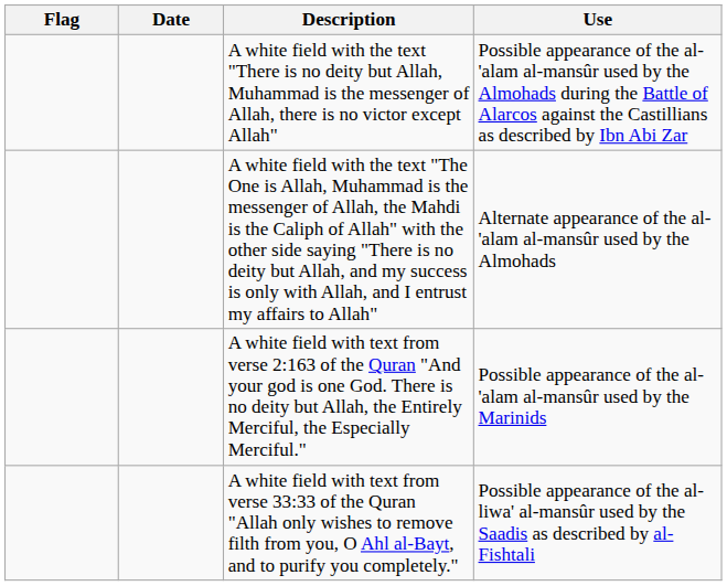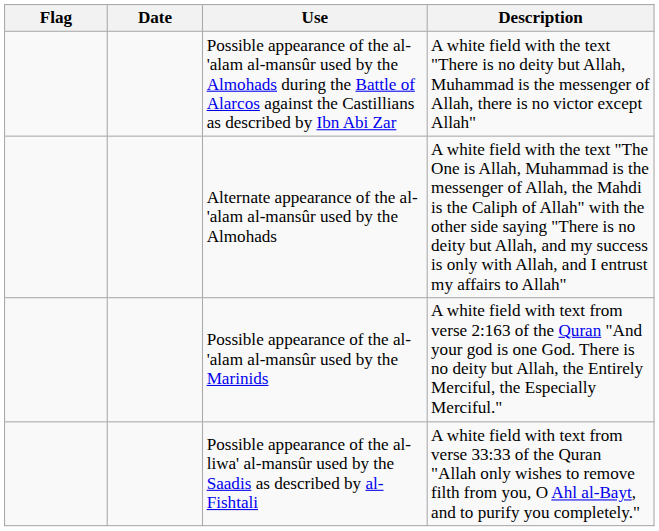 <table class="wikitable">
 <tr>
 <th style="width:110px">Flag</th>
 <th style="width:100px">Date</th>
+<th style="width:250px">Use</th>
 <th style="width:250px">Description</th>
-<th style="width:250px">Use</th>
 </tr>
 <tr>
 <td></td>
 <td></td>
+<td>Possible appearance of the al-'alam al-mansûr used by the <a href='#'>Almohads</a> during the <a href='#'>Battle of Alarcos</a> against the Castillians as described by <a href='#'>Ibn Abi Zar</a></td>
 <td>A white field with the text "There is no deity but Allah, Muhammad is the messenger of Allah, there is no victor except Allah"</td>
-<td>Possible appearance of the al-'alam al-mansûr used by the <a href='#'>Almohads</a> during the <a href='#'>Battle of Alarcos</a> against the Castillians as described by <a href='#'>Ibn Abi Zar</a></td>
 </tr>
 <tr>
 <td></td>
 <td></td>
+<td>Alternate appearance of the al-'alam al-mansûr used by the Almohads</td>
 <td>A white field with the text "The One is Allah, Muhammad is the messenger of Allah, the Mahdi is the Caliph of Allah" with the other side saying "There is no deity but Allah, and my success is only with Allah, and I entrust my affairs to Allah"</td>
-<td>Alternate appearance of the al-'alam al-mansûr used by the Almohads</td>
 </tr>
 <tr>
 <td></td>
 <td></td>
+<td>Possible appearance of the al-'alam al-mansûr used by the <a href='#'>Marinids</a></td>
 <td>A white field with text from verse 2:163 of the <a href='#'>Quran</a> "And your god is one God. There is no deity but Allah, the Entirely Merciful, the Especially Merciful."</td>
-<td>Possible appearance of the al-'alam al-mansûr used by the <a href='#'>Marinids</a></td>
 </tr>
 <tr>
 <td></td>
 <td></td>
+<td>Possible appearance of the al-liwa' al-mansûr used by the <a href='#'>Saadis</a> as described by <a href='#'>al-Fishtali</a></td>
 <td>A white field with text from verse 33:33 of the Quran "Allah only wishes to remove filth from you, O <a href='#'>Ahl al-Bayt</a>, and to purify you completely."</td>
-<td>Possible appearance of the al-liwa' al-mansûr used by the <a href='#'>Saadis</a> as described by <a href='#'>al-Fishtali</a></td>
 </tr>
 </table>
